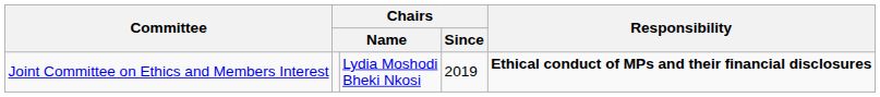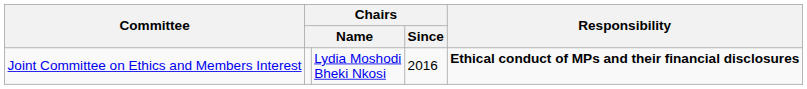 <table class="wikitable">
 <tr>
 <th rowspan="2">Committee</th>
 <th colspan="3">Chairs</th>
 <th rowspan="2">Responsibility</th>
 </tr>
 <tr>
 <th colspan="2">Name</th>
 <th>Since</th>
 </tr>
 <tr>
 <td><a href='#'>Joint Committee on Ethics and Members Interest</a></td>
 <td style="background:"></td>
 <td><a href='#'>Lydia Moshodi</a><br><a href='#'>Bheki Nkosi</a></td>
-<td>2019</td>
+<td>2016</td>
 <td style="vertical-align: top;"><strong>Ethical conduct of MPs and their financial disclosures</strong></td>
 </tr>
 </table>
